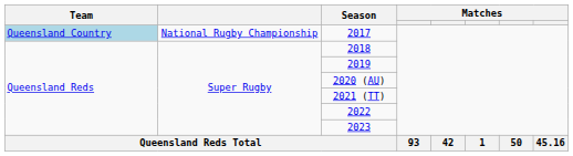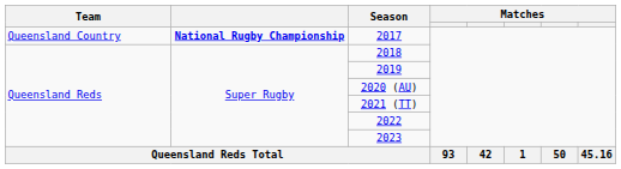 <table class="wikitable">
 <tr>
 <th rowspan=2 width="200">Team</th>
 <th rowspan=2 width="215"></th>
 <th rowspan=2 width="95">Season</th>
 <th colspan=5>Matches</th>
 </tr>
 <tr>
 <th width=40px></th>
 <th width=40px></th>
 <th width=40px></th>
 <th width=40px></th>
 <th width=40px></th>
 </tr>
 <tr>
-<td align=left style="background: lightblue;"> <a href='#'>Queensland Country</a></td>
-<td align=center><a href='#'>National Rugby Championship</a></td>
+<td align=left> <a href='#'>Queensland Country</a></td>
+<td align=center><strong><a href='#'>National Rugby Championship</a></strong></td>
 <td align=center><a href='#'>2017</a><br></td>
 </tr>
 <tr>
 <td align=left rowspan=6> <a href='#'>Queensland Reds</a></td>
 <td align=center rowspan=6><a href='#'>Super Rugby</a></td>
 <td align=center><a href='#'>2018</a><br></td>
 </tr>
 <tr>
 <td align=center><a href='#'>2019</a><br></td>
 </tr>
 <tr>
 <td align=center><a href='#'>2020</a> (<a href='#'>AU</a>)<br></td>
 </tr>
 <tr>
 <td align=center><a href='#'>2021</a> (<a href='#'>TT</a>)<br></td>
 </tr>
 <tr>
 <td align=center><a href='#'>2022</a><br></td>
 </tr>
 <tr>
 <td align=center><a href='#'>2023</a><br></td>
 </tr>
 <tr>
 <th colspan=3 align=center>Queensland Reds Total</th>
 <th>93</th>
 <th>42</th>
 <th>1</th>
 <th>50</th>
 <th>45.16</th>
 </tr>
 </table>
